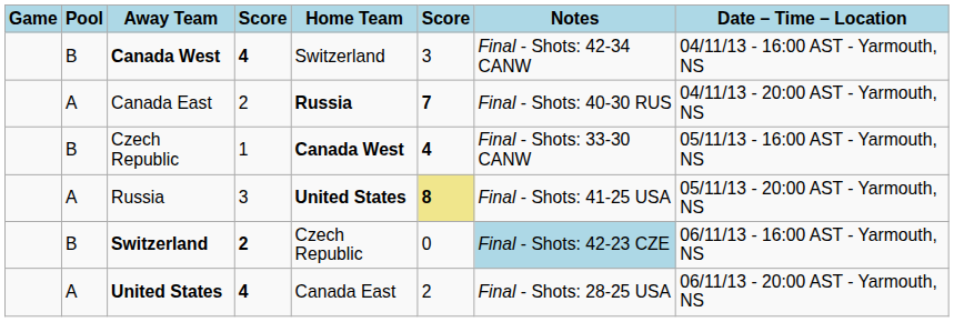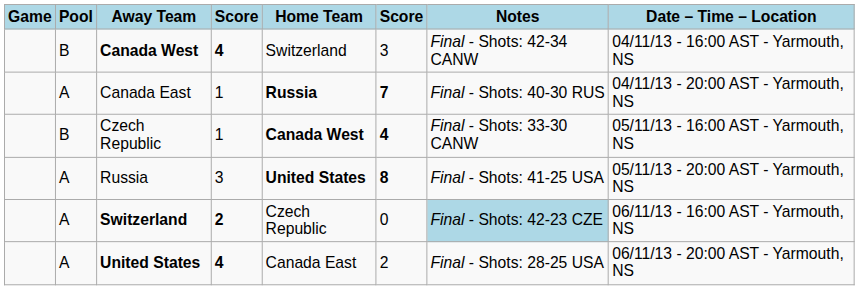 <table class="wikitable">
 <tr>
 <th style="background:lightblue;">Game</th>
 <th style="background:lightblue;">Pool</th>
 <th style="background:lightblue;">Away Team</th>
 <th style="background:lightblue;">Score</th>
 <th style="background:lightblue;">Home Team</th>
 <th style="background:lightblue;">Score</th>
 <th style="background:lightblue;">Notes</th>
 <th style="background:lightblue;">Date – Time – Location</th>
 </tr>
 <tr>
 <td></td>
 <td>B</td>
 <td><strong>Canada West</strong></td>
 <td><strong>4</strong></td>
 <td>Switzerland</td>
 <td>3</td>
 <td><em>Final</em> - Shots: 42-34 CANW</td>
 <td>04/11/13 - 16:00 AST - Yarmouth, NS</td>
 </tr>
 <tr>
 <td></td>
 <td>A</td>
 <td>Canada East</td>
-<td>2</td>
+<td>1</td>
 <td><strong>Russia</strong></td>
 <td><strong>7</strong></td>
 <td><em>Final</em> - Shots: 40-30 RUS</td>
 <td>04/11/13 - 20:00 AST - Yarmouth, NS</td>
 </tr>
 <tr>
 <td></td>
 <td>B</td>
 <td>Czech Republic</td>
 <td>1</td>
 <td><strong>Canada West</strong></td>
 <td><strong>4</strong></td>
 <td><em>Final</em> - Shots: 33-30 CANW</td>
 <td>05/11/13 - 16:00 AST - Yarmouth, NS</td>
 </tr>
 <tr>
 <td></td>
 <td>A</td>
 <td>Russia</td>
 <td>3</td>
 <td><strong>United States</strong></td>
-<td style="background: khaki;"><strong>8</strong></td>
+<td><strong>8</strong></td>
 <td><em>Final</em> - Shots: 41-25 USA</td>
 <td>05/11/13 - 20:00 AST - Yarmouth, NS</td>
 </tr>
 <tr>
 <td></td>
-<td>B</td>
+<td>A</td>
 <td><strong>Switzerland</strong></td>
 <td><strong>2</strong></td>
 <td>Czech Republic</td>
 <td>0</td>
 <td style="background: lightblue;"><em>Final</em> - Shots: 42-23 CZE</td>
 <td>06/11/13 - 16:00 AST - Yarmouth, NS</td>
 </tr>
 <tr>
 <td></td>
 <td>A</td>
 <td><strong>United States</strong></td>
 <td><strong>4</strong></td>
 <td>Canada East</td>
 <td>2</td>
 <td><em>Final</em> - Shots: 28-25 USA</td>
 <td>06/11/13 - 20:00 AST - Yarmouth, NS</td>
 </tr>
 </table>
